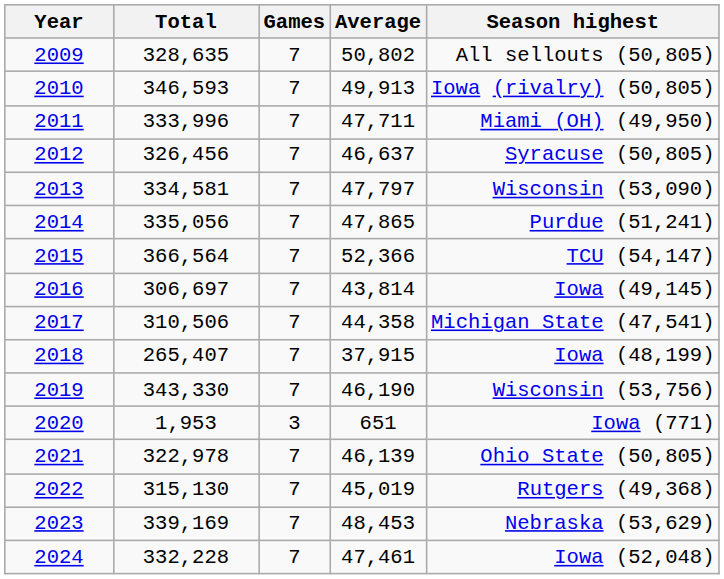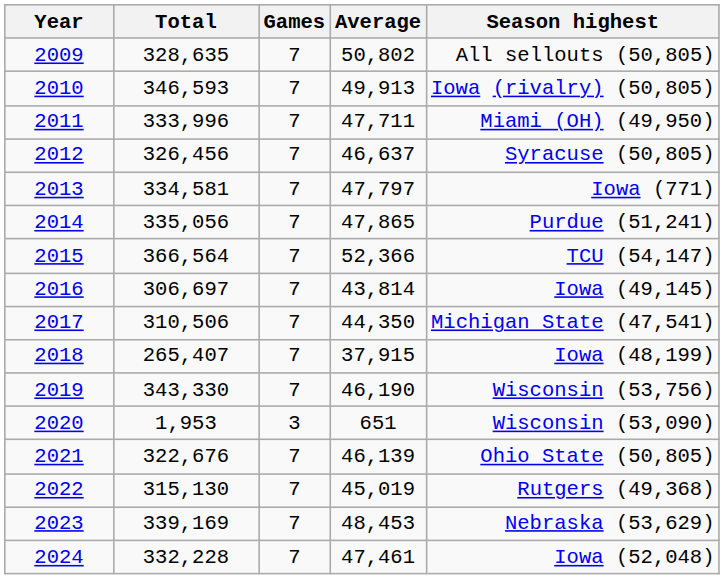 <table class=wikitable style="text-align:center">
 <tr>
 <th>Year</th>
 <th>Total</th>
 <th>Games</th>
 <th>Average</th>
 <th>Season highest</th>
 </tr>
 <tr>
 <td>  <a href='#'>2009</a>  </td>
 <td>  328,635  </td>
 <td>7</td>
 <td>50,802</td>
 <td align=right>All sellouts (50,805)</td>
 </tr>
 <tr>
 <td><a href='#'>2010</a></td>
 <td>346,593</td>
 <td>7</td>
 <td>49,913</td>
 <td align=right><a href='#'>Iowa</a> <a href='#'>(rivalry)</a> (50,805)</td>
 </tr>
 <tr>
 <td><a href='#'>2011</a></td>
 <td>333,996</td>
 <td>7</td>
 <td>47,711</td>
 <td align=right><a href='#'>Miami (OH)</a> (49,950)</td>
 </tr>
 <tr>
 <td><a href='#'>2012</a></td>
 <td>326,456</td>
 <td>7</td>
 <td>46,637</td>
 <td align=right><a href='#'>Syracuse</a> (50,805)</td>
 </tr>
 <tr>
 <td><a href='#'>2013</a></td>
 <td>334,581</td>
 <td>7</td>
 <td>47,797</td>
-<td align=right><a href='#'>Wisconsin</a> (53,090)</td>
+<td align=right><a href='#'>Iowa</a> (771)</td>
 </tr>
 <tr>
 <td><a href='#'>2014</a></td>
 <td>335,056</td>
 <td>7</td>
 <td>47,865</td>
 <td align=right><a href='#'>Purdue</a> (51,241)</td>
 </tr>
 <tr>
 <td><a href='#'>2015</a></td>
 <td>366,564</td>
 <td>7</td>
 <td>52,366</td>
 <td align=right><a href='#'>TCU</a> (54,147)</td>
 </tr>
 <tr>
 <td><a href='#'>2016</a></td>
 <td>306,697</td>
 <td>7</td>
 <td>43,814</td>
 <td align=right><a href='#'>Iowa</a> (49,145)</td>
 </tr>
 <tr>
 <td><a href='#'>2017</a></td>
 <td>310,506</td>
 <td>7</td>
-<td>44,358</td>
+<td>44,350</td>
 <td align=right><a href='#'>Michigan State</a> (47,541)</td>
 </tr>
 <tr>
 <td><a href='#'>2018</a></td>
 <td>265,407</td>
 <td>7</td>
 <td>37,915</td>
 <td align=right><a href='#'>Iowa</a> (48,199)</td>
 </tr>
 <tr>
 <td><a href='#'>2019</a></td>
 <td>343,330</td>
 <td>7</td>
 <td>46,190</td>
 <td align=right><a href='#'>Wisconsin</a> (53,756)</td>
 </tr>
 <tr>
 <td><a href='#'>2020</a></td>
 <td>1,953</td>
 <td>3</td>
 <td>651</td>
-<td align=right><a href='#'>Iowa</a> (771)</td>
+<td align=right><a href='#'>Wisconsin</a> (53,090)</td>
 </tr>
 <tr>
 <td><a href='#'>2021</a></td>
-<td>322,978</td>
+<td>322,676</td>
 <td>7</td>
 <td>46,139</td>
 <td align=right><a href='#'>Ohio State</a> (50,805)</td>
 </tr>
 <tr>
 <td><a href='#'>2022</a></td>
 <td>315,130</td>
 <td>7</td>
 <td>45,019</td>
 <td align=right><a href='#'>Rutgers</a> (49,368)</td>
 </tr>
 <tr>
 <td><a href='#'>2023</a></td>
 <td>339,169</td>
 <td>7</td>
 <td>48,453</td>
 <td align=right><a href='#'>Nebraska</a> (53,629)</td>
 </tr>
 <tr>
 <td><a href='#'>2024</a></td>
 <td>332,228</td>
 <td>7</td>
 <td>47,461</td>
 <td align=right><a href='#'>Iowa</a> (52,048)</td>
 </tr>
 </table>
